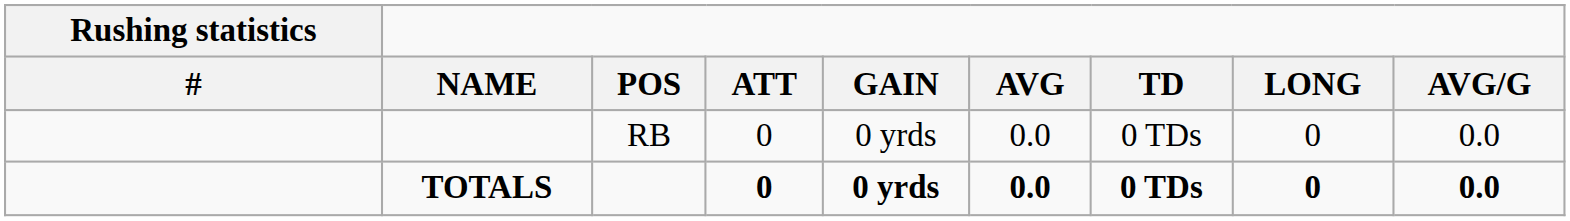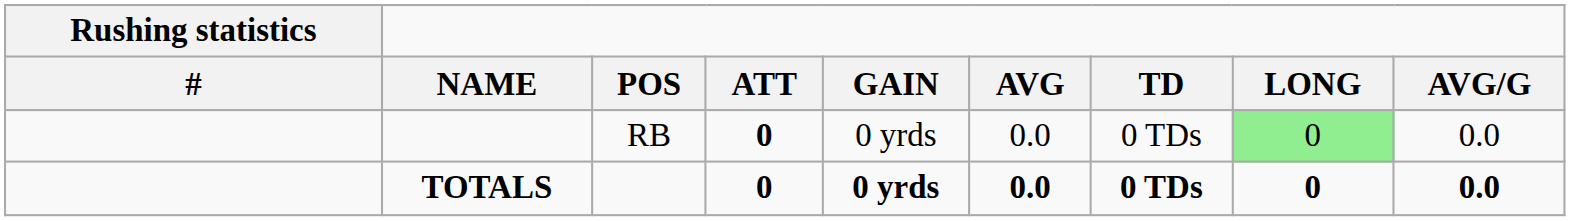 <table class="wikitable collapsible collapsed" style="width:60%; text-align:center;">
 <tr>
 <th style="text-align:center; ">Rushing statistics</th>
 </tr>
 <tr>
 <th>#</th>
 <th>NAME</th>
 <th>POS</th>
 <th>ATT</th>
 <th>GAIN</th>
 <th>AVG</th>
 <th>TD</th>
 <th>LONG</th>
 <th>AVG/G</th>
 </tr>
 <tr>
 <td></td>
 <td></td>
 <td>RB</td>
-<td>0</td>
+<td><strong>0</strong></td>
 <td>0 yrds</td>
 <td>0.0</td>
 <td>0 TDs</td>
-<td>0</td>
+<td style="background: lightgreen;">0</td>
 <td>0.0</td>
 </tr>
 <tr>
 <td></td>
 <td><strong>TOTALS</strong></td>
 <td></td>
 <td><strong>0</strong></td>
 <td><strong>0 yrds</strong></td>
 <td><strong>0.0</strong></td>
 <td><strong>0 TDs</strong></td>
 <td><strong>0</strong></td>
 <td><strong>0.0</strong></td>
 </tr>
 </table>
